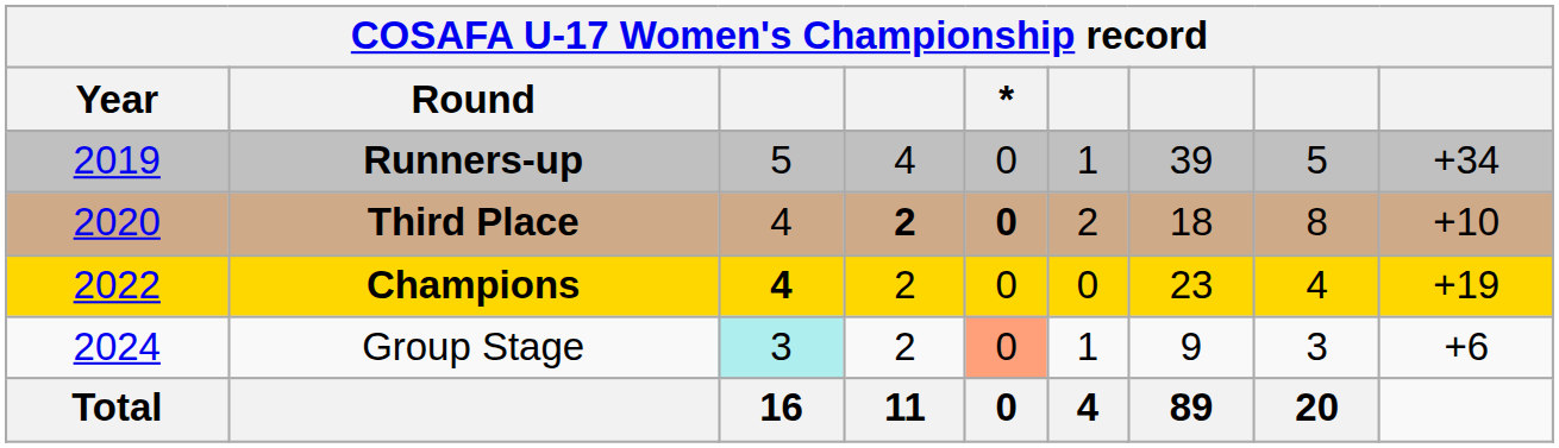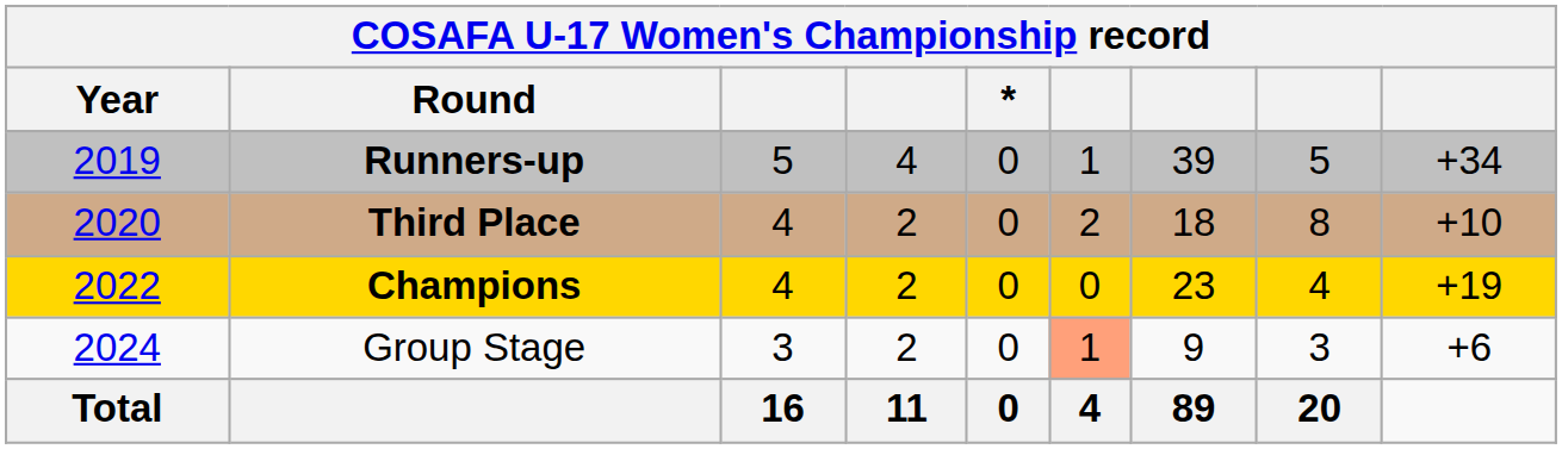 <table class="wikitable" style="text-align: center; width:50%;">
 <tr>
 <th colspan=10><a href='#'>COSAFA U-17 Women's Championship</a> record</th>
 </tr>
 <tr>
 <th>Year</th>
 <th>Round</th>
 <th></th>
 <th></th>
 <th>*</th>
 <th></th>
 <th></th>
 <th></th>
 <th></th>
 </tr>
 <tr bgcolor=silver>
 <td> <a href='#'>2019</a></td>
 <td><strong>Runners-up</strong></td>
 <td>5</td>
 <td>4</td>
 <td>0</td>
 <td>1</td>
 <td>39</td>
 <td>5</td>
 <td>+34</td>
 </tr>
 <tr bgcolor=cfaa88>
 <td> <a href='#'>2020</a></td>
 <td><strong>Third Place</strong></td>
 <td>4</td>
-<td><strong>2</strong></td>
-<td><strong>0</strong></td>
+<td>2</td>
+<td>0</td>
 <td>2</td>
 <td>18</td>
 <td>8</td>
 <td>+10</td>
 </tr>
 <tr bgcolor=#FFD700>
 <td> <a href='#'>2022</a></td>
 <td><strong>Champions</strong></td>
-<td><strong>4</strong></td>
+<td>4</td>
 <td>2</td>
 <td>0</td>
 <td>0</td>
 <td>23</td>
 <td>4</td>
 <td>+19</td>
 </tr>
 <tr>
 <td> <a href='#'>2024</a></td>
 <td>Group Stage</td>
-<td style="background: paleturquoise;">3</td>
+<td>3</td>
 <td>2</td>
-<td style="background: lightsalmon;">0</td>
-<td>1</td>
+<td>0</td>
+<td style="background: lightsalmon;">1</td>
 <td>9</td>
 <td>3</td>
 <td>+6</td>
 </tr>
 <tr>
 <th>Total</th>
 <th></th>
 <th>16</th>
 <th>11</th>
 <th>0</th>
 <th>4</th>
 <th>89</th>
 <th>20</th>
 </tr>
 </table>
